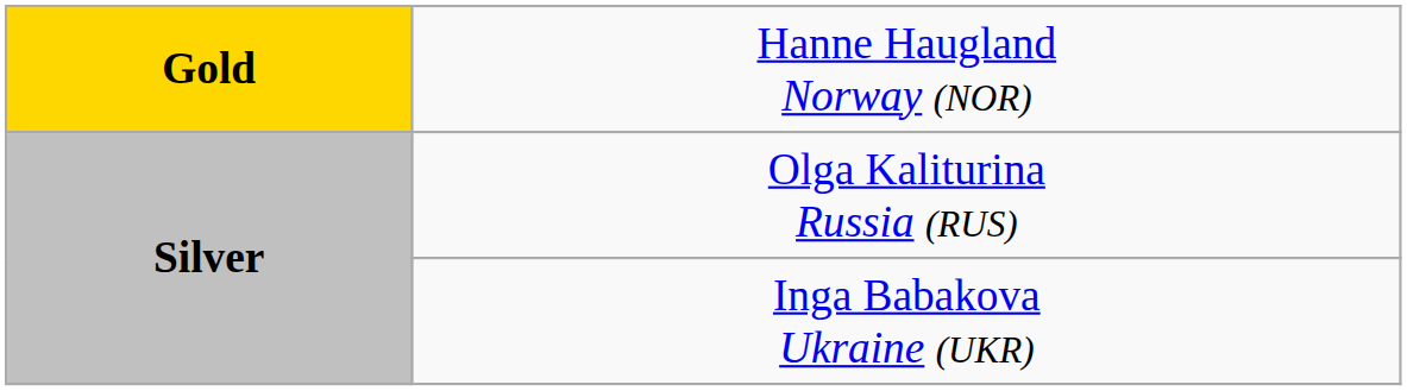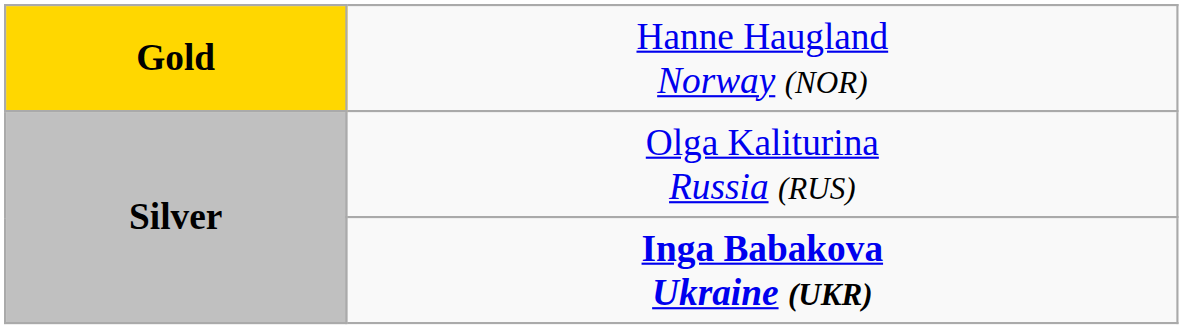 <table class="wikitable" style=" text-align:center; font-size:110%;" width="35%">
 <tr>
 <td bgcolor="gold"><strong>Gold</strong></td>
 <td> <a href='#'>Hanne Haugland</a><br><em><a href='#'>Norway</a> <small>(NOR)</small></em></td>
 </tr>
 <tr>
 <td rowspan=2 bgcolor="silver"><strong>Silver</strong></td>
 <td> <a href='#'>Olga Kaliturina</a><br><em><a href='#'>Russia</a> <small>(RUS)</small></em></td>
 </tr>
 <tr>
-<td> <a href='#'>Inga Babakova</a><br><em><a href='#'>Ukraine</a> <small>(UKR)</small></em></td>
+<td><strong> <a href='#'>Inga Babakova</a><br><em><a href='#'>Ukraine</a> <small>(UKR)</small></em></strong></td>
 </tr>
 </table>
